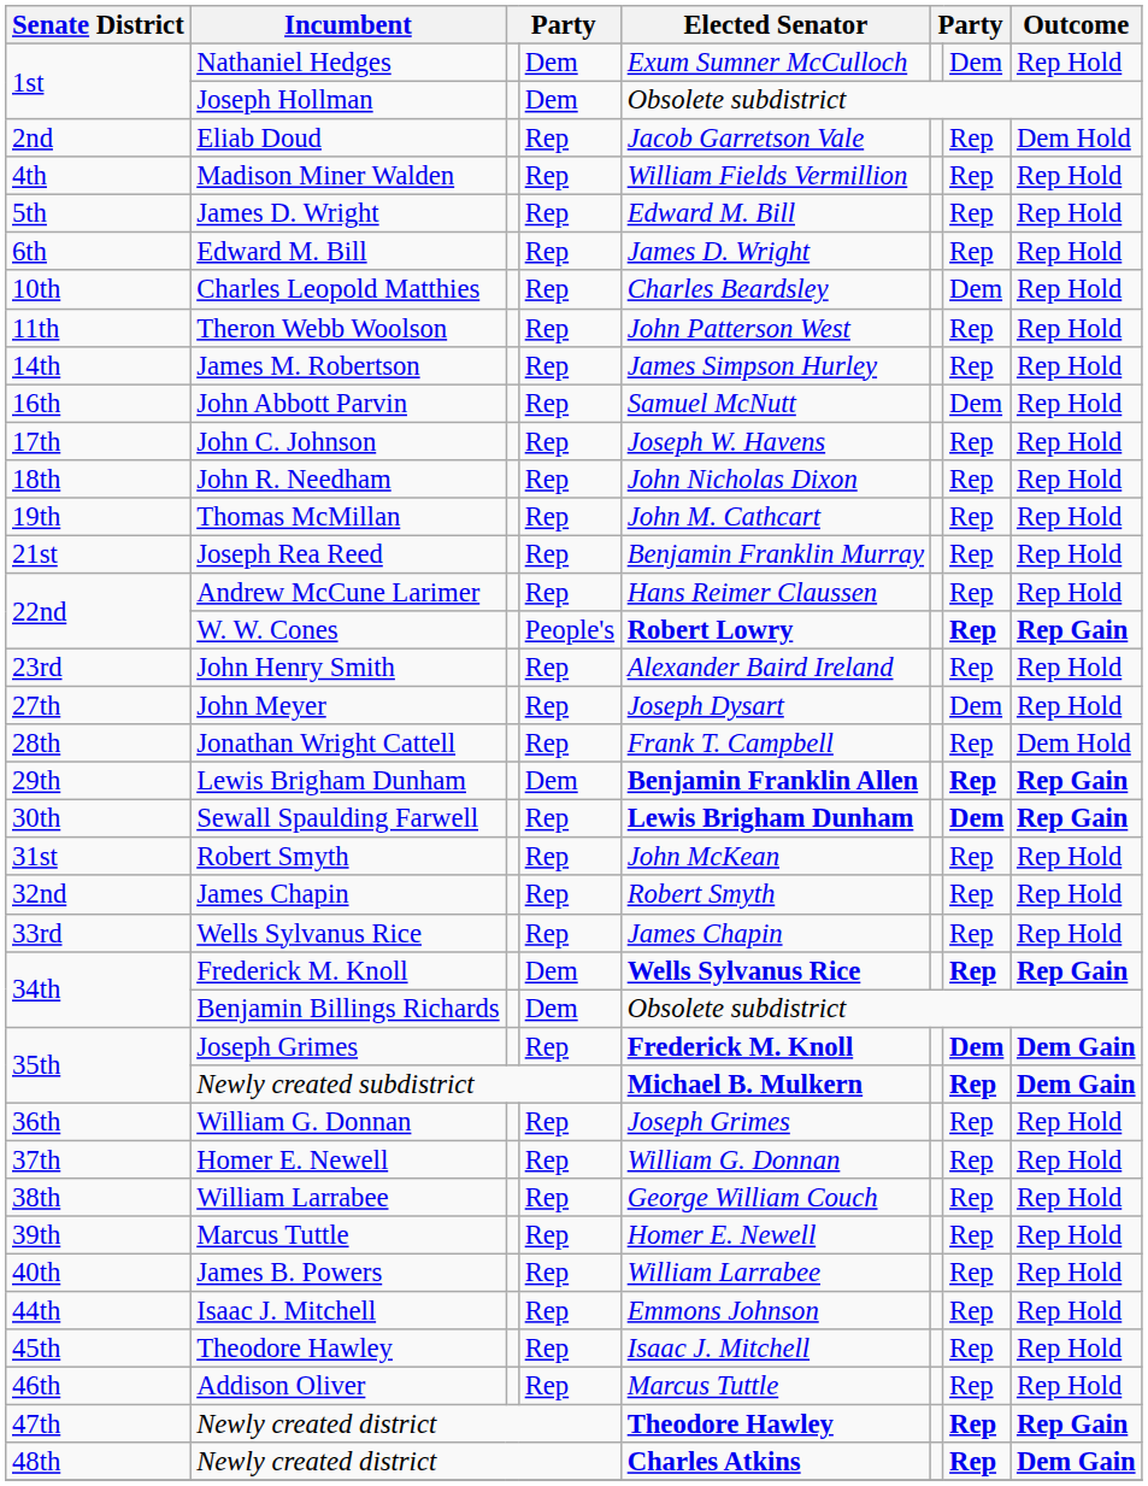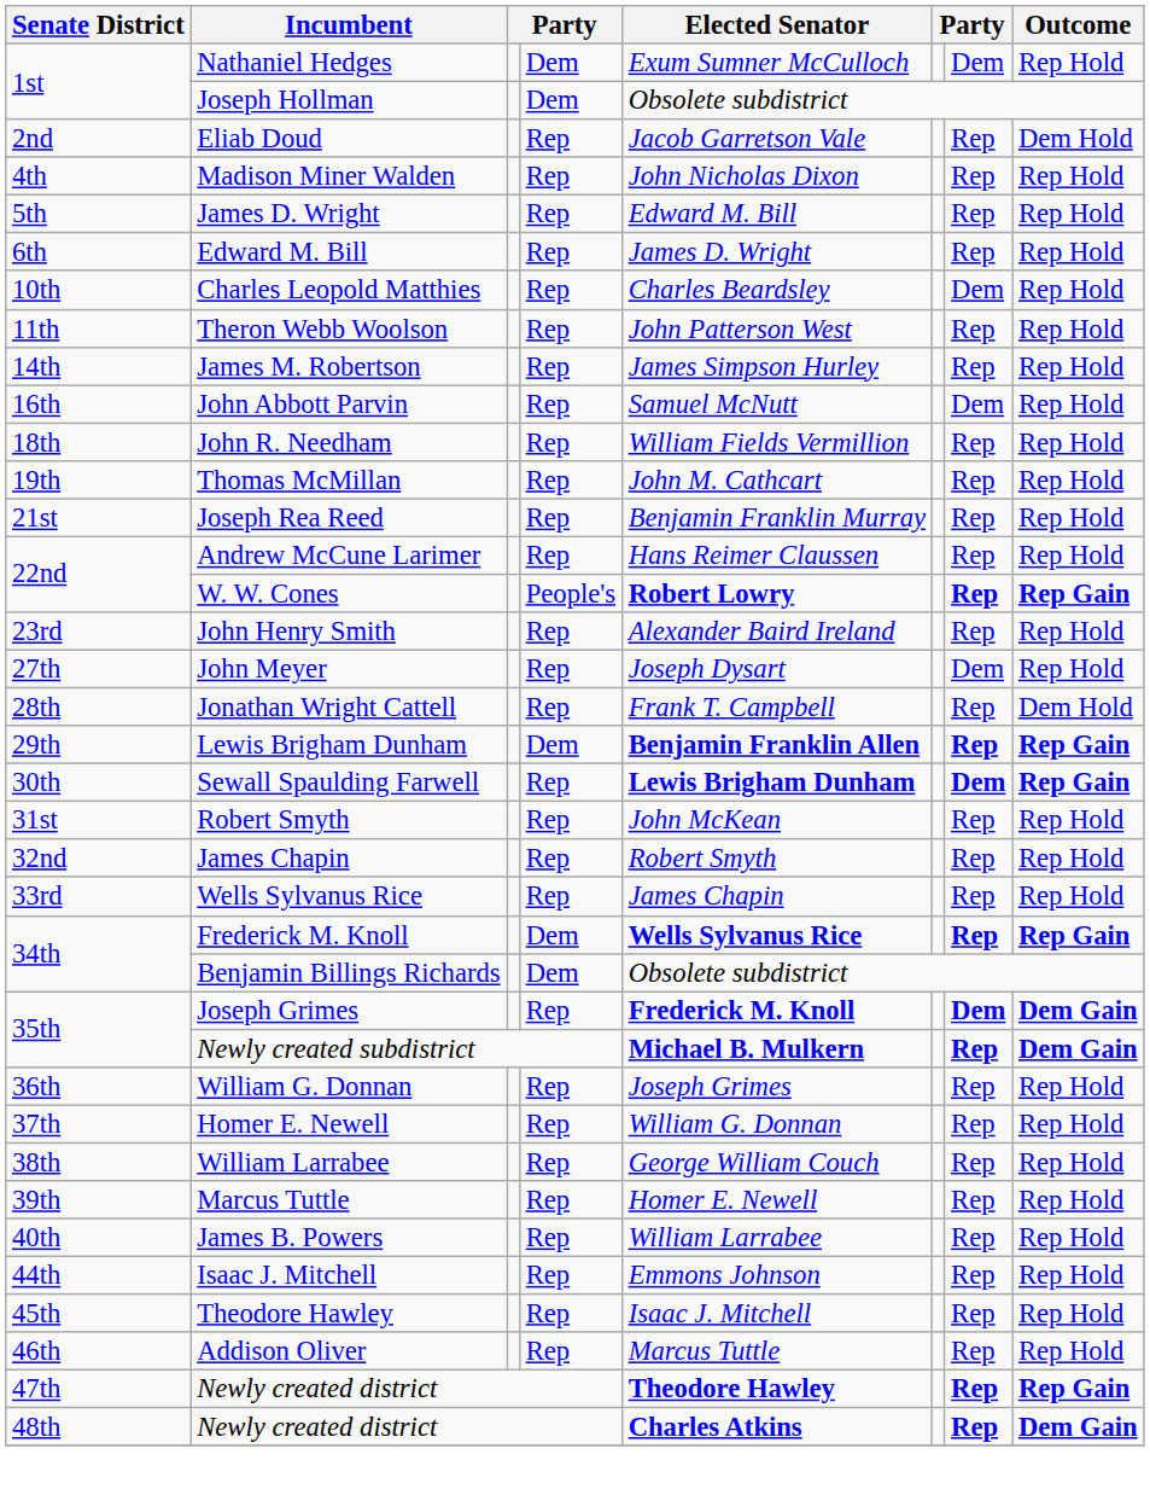 <table class="sortable wikitable" style="font-size:95%;line-height:14px;">
 <tr>
 <th class="sortable"><a href='#'>Senate</a> District</th>
 <th class="sortable"><a href='#'>Incumbent</a></th>
 <th colspan="2">Party</th>
 <th class="sortable">Elected Senator</th>
 <th colspan="2">Party</th>
 <th class="sortable">Outcome</th>
 </tr>
 <tr>
 <td rowspan="2"><a href='#'>1st</a></td>
 <td><a href='#'>Nathaniel Hedges</a></td>
 <td style="background:"></td>
 <td><a href='#'>Dem</a></td>
 <td><em><a href='#'>Exum Sumner McCulloch</a></em></td>
 <td style="background:"></td>
 <td><a href='#'>Dem</a></td>
 <td><a href='#'>Rep Hold</a></td>
 </tr>
 <tr>
 <td><a href='#'>Joseph Hollman</a></td>
 <td style="background:"></td>
 <td><a href='#'>Dem</a></td>
 <td colspan="4" ><em>Obsolete subdistrict</em></td>
 </tr>
 <tr>
 <td><a href='#'>2nd</a></td>
 <td><a href='#'>Eliab Doud</a></td>
 <td style="background:"></td>
 <td><a href='#'>Rep</a></td>
 <td><em><a href='#'>Jacob Garretson Vale</a></em></td>
 <td style="background:"></td>
 <td><a href='#'>Rep</a></td>
 <td><a href='#'>Dem Hold</a></td>
 </tr>
 <tr>
 <td><a href='#'>4th</a></td>
 <td><a href='#'>Madison Miner Walden</a></td>
 <td style="background:"></td>
 <td><a href='#'>Rep</a></td>
-<td><em><a href='#'>William Fields Vermillion</a></em></td>
+<td><em><a href='#'>John Nicholas Dixon</a></em></td>
 <td style="background:"></td>
 <td><a href='#'>Rep</a></td>
 <td><a href='#'>Rep Hold</a></td>
 </tr>
 <tr>
 <td><a href='#'>5th</a></td>
 <td><a href='#'>James D. Wright</a></td>
 <td style="background:"></td>
 <td><a href='#'>Rep</a></td>
 <td><em><a href='#'>Edward M. Bill</a></em></td>
 <td style="background:"></td>
 <td><a href='#'>Rep</a></td>
 <td><a href='#'>Rep Hold</a></td>
 </tr>
 <tr>
 <td><a href='#'>6th</a></td>
 <td><a href='#'>Edward M. Bill</a></td>
 <td style="background:"></td>
 <td><a href='#'>Rep</a></td>
 <td><em><a href='#'>James D. Wright</a></em></td>
 <td style="background:"></td>
 <td><a href='#'>Rep</a></td>
 <td><a href='#'>Rep Hold</a></td>
 </tr>
 <tr>
 <td><a href='#'>10th</a></td>
 <td><a href='#'>Charles Leopold Matthies</a></td>
 <td style="background:"></td>
 <td><a href='#'>Rep</a></td>
 <td><em><a href='#'>Charles Beardsley</a></em></td>
 <td style="background:"></td>
 <td><a href='#'>Dem</a></td>
 <td><a href='#'>Rep Hold</a></td>
 </tr>
 <tr>
 <td><a href='#'>11th</a></td>
 <td><a href='#'>Theron Webb Woolson</a></td>
 <td style="background:"></td>
 <td><a href='#'>Rep</a></td>
 <td><em><a href='#'>John Patterson West</a></em></td>
 <td style="background:"></td>
 <td><a href='#'>Rep</a></td>
 <td><a href='#'>Rep Hold</a></td>
 </tr>
 <tr>
 <td><a href='#'>14th</a></td>
 <td><a href='#'>James M. Robertson</a></td>
 <td style="background:"></td>
 <td><a href='#'>Rep</a></td>
 <td><em><a href='#'>James Simpson Hurley</a></em></td>
 <td style="background:"></td>
 <td><a href='#'>Rep</a></td>
 <td><a href='#'>Rep Hold</a></td>
 </tr>
 <tr>
 <td><a href='#'>16th</a></td>
 <td><a href='#'>John Abbott Parvin</a></td>
 <td style="background:"></td>
 <td><a href='#'>Rep</a></td>
 <td><em><a href='#'>Samuel McNutt</a></em></td>
 <td style="background:"></td>
 <td><a href='#'>Dem</a></td>
 <td><a href='#'>Rep Hold</a></td>
 </tr>
 <tr>
-<td><a href='#'>17th</a></td>
-<td><a href='#'>John C. Johnson</a></td>
-<td style="background:"></td>
-<td><a href='#'>Rep</a></td>
-<td><em><a href='#'>Joseph W. Havens</a></em></td>
-<td style="background:"></td>
-<td><a href='#'>Rep</a></td>
-<td><a href='#'>Rep Hold</a></td>
-</tr>
-<tr>
 <td><a href='#'>18th</a></td>
 <td><a href='#'>John R. Needham</a></td>
 <td style="background:"></td>
 <td><a href='#'>Rep</a></td>
-<td><em><a href='#'>John Nicholas Dixon</a></em></td>
+<td><em><a href='#'>William Fields Vermillion</a></em></td>
 <td style="background:"></td>
 <td><a href='#'>Rep</a></td>
 <td><a href='#'>Rep Hold</a></td>
 </tr>
 <tr>
 <td><a href='#'>19th</a></td>
 <td><a href='#'>Thomas McMillan</a></td>
 <td style="background:"></td>
 <td><a href='#'>Rep</a></td>
 <td><em><a href='#'>John M. Cathcart</a></em></td>
 <td style="background:"></td>
 <td><a href='#'>Rep</a></td>
 <td><a href='#'>Rep Hold</a></td>
 </tr>
 <tr>
 <td><a href='#'>21st</a></td>
 <td><a href='#'>Joseph Rea Reed</a></td>
 <td style="background:"></td>
 <td><a href='#'>Rep</a></td>
 <td><em><a href='#'>Benjamin Franklin Murray</a></em></td>
 <td style="background:"></td>
 <td><a href='#'>Rep</a></td>
 <td><a href='#'>Rep Hold</a></td>
 </tr>
 <tr>
 <td rowspan="2"><a href='#'>22nd</a></td>
 <td><a href='#'>Andrew McCune Larimer</a></td>
 <td style="background:"></td>
 <td><a href='#'>Rep</a></td>
 <td><em><a href='#'>Hans Reimer Claussen</a></em></td>
 <td style="background:"></td>
 <td><a href='#'>Rep</a></td>
 <td><a href='#'>Rep Hold</a></td>
 </tr>
 <tr>
 <td><a href='#'>W. W. Cones</a></td>
 <td style="background:"></td>
 <td><a href='#'>People's</a></td>
 <td><strong><a href='#'>Robert Lowry</a></strong></td>
 <td style="background:"></td>
 <td><strong><a href='#'>Rep</a></strong></td>
 <td><strong><a href='#'>Rep Gain</a></strong></td>
 </tr>
 <tr>
 <td><a href='#'>23rd</a></td>
 <td><a href='#'>John Henry Smith</a></td>
 <td style="background:"></td>
 <td><a href='#'>Rep</a></td>
 <td><em><a href='#'>Alexander Baird Ireland</a></em></td>
 <td style="background:"></td>
 <td><a href='#'>Rep</a></td>
 <td><a href='#'>Rep Hold</a></td>
 </tr>
 <tr>
 <td><a href='#'>27th</a></td>
 <td><a href='#'>John Meyer</a></td>
 <td style="background:"></td>
 <td><a href='#'>Rep</a></td>
 <td><em><a href='#'>Joseph Dysart</a></em></td>
 <td style="background:"></td>
 <td><a href='#'>Dem</a></td>
 <td><a href='#'>Rep Hold</a></td>
 </tr>
 <tr>
 <td><a href='#'>28th</a></td>
 <td><a href='#'>Jonathan Wright Cattell</a></td>
 <td style="background:"></td>
 <td><a href='#'>Rep</a></td>
 <td><em><a href='#'>Frank T. Campbell</a></em></td>
 <td style="background:"></td>
 <td><a href='#'>Rep</a></td>
 <td><a href='#'>Dem Hold</a></td>
 </tr>
 <tr>
 <td><a href='#'>29th</a></td>
 <td><a href='#'>Lewis Brigham Dunham</a></td>
 <td style="background:"></td>
 <td><a href='#'>Dem</a></td>
 <td><strong><a href='#'>Benjamin Franklin Allen</a></strong></td>
 <td style="background:"></td>
 <td><strong><a href='#'>Rep</a></strong></td>
 <td><strong><a href='#'>Rep Gain</a></strong></td>
 </tr>
 <tr>
 <td><a href='#'>30th</a></td>
 <td><a href='#'>Sewall Spaulding Farwell</a></td>
 <td style="background:"></td>
 <td><a href='#'>Rep</a></td>
 <td><strong><a href='#'>Lewis Brigham Dunham</a></strong></td>
 <td style="background:"></td>
 <td><strong><a href='#'>Dem</a></strong></td>
 <td><strong><a href='#'>Rep Gain</a></strong></td>
 </tr>
 <tr>
 <td><a href='#'>31st</a></td>
 <td><a href='#'>Robert Smyth</a></td>
 <td style="background:"></td>
 <td><a href='#'>Rep</a></td>
 <td><em><a href='#'>John McKean</a></em></td>
 <td style="background:"></td>
 <td><a href='#'>Rep</a></td>
 <td><a href='#'>Rep Hold</a></td>
 </tr>
 <tr>
 <td><a href='#'>32nd</a></td>
 <td><a href='#'>James Chapin</a></td>
 <td style="background:"></td>
 <td><a href='#'>Rep</a></td>
 <td><em><a href='#'>Robert Smyth</a></em></td>
 <td style="background:"></td>
 <td><a href='#'>Rep</a></td>
 <td><a href='#'>Rep Hold</a></td>
 </tr>
 <tr>
 <td><a href='#'>33rd</a></td>
 <td><a href='#'>Wells Sylvanus Rice</a></td>
 <td style="background:"></td>
 <td><a href='#'>Rep</a></td>
 <td><em><a href='#'>James Chapin</a></em></td>
 <td style="background:"></td>
 <td><a href='#'>Rep</a></td>
 <td><a href='#'>Rep Hold</a></td>
 </tr>
 <tr>
 <td rowspan="2"><a href='#'>34th</a></td>
 <td><a href='#'>Frederick M. Knoll</a></td>
 <td style="background:"></td>
 <td><a href='#'>Dem</a></td>
 <td><strong><a href='#'>Wells Sylvanus Rice</a></strong></td>
 <td style="background:"></td>
 <td><strong><a href='#'>Rep</a></strong></td>
 <td><strong><a href='#'>Rep Gain</a></strong></td>
 </tr>
 <tr>
 <td><a href='#'>Benjamin Billings Richards</a></td>
 <td style="background:"></td>
 <td><a href='#'>Dem</a></td>
 <td colspan="4" ><em>Obsolete subdistrict</em></td>
 </tr>
 <tr>
 <td rowspan="2"><a href='#'>35th</a></td>
 <td><a href='#'>Joseph Grimes</a></td>
 <td style="background:"></td>
 <td><a href='#'>Rep</a></td>
 <td><strong><a href='#'>Frederick M. Knoll</a></strong></td>
 <td style="background:"></td>
 <td><strong><a href='#'>Dem</a></strong></td>
 <td><strong><a href='#'>Dem Gain</a></strong></td>
 </tr>
 <tr>
 <td colspan="3" ><em>Newly created subdistrict</em></td>
 <td><strong><a href='#'>Michael B. Mulkern</a></strong></td>
 <td style="background:"></td>
 <td><strong><a href='#'>Rep</a></strong></td>
 <td><strong><a href='#'>Dem Gain</a></strong></td>
 </tr>
 <tr>
 <td><a href='#'>36th</a></td>
 <td><a href='#'>William G. Donnan</a></td>
 <td style="background:"></td>
 <td><a href='#'>Rep</a></td>
 <td><em><a href='#'>Joseph Grimes</a></em></td>
 <td style="background:"></td>
 <td><a href='#'>Rep</a></td>
 <td><a href='#'>Rep Hold</a></td>
 </tr>
 <tr>
 <td><a href='#'>37th</a></td>
 <td><a href='#'>Homer E. Newell</a></td>
 <td style="background:"></td>
 <td><a href='#'>Rep</a></td>
 <td><em><a href='#'>William G. Donnan</a></em></td>
 <td style="background:"></td>
 <td><a href='#'>Rep</a></td>
 <td><a href='#'>Rep Hold</a></td>
 </tr>
 <tr>
 <td><a href='#'>38th</a></td>
 <td><a href='#'>William Larrabee</a></td>
 <td style="background:"></td>
 <td><a href='#'>Rep</a></td>
 <td><em><a href='#'>George William Couch</a></em></td>
 <td style="background:"></td>
 <td><a href='#'>Rep</a></td>
 <td><a href='#'>Rep Hold</a></td>
 </tr>
 <tr>
 <td><a href='#'>39th</a></td>
 <td><a href='#'>Marcus Tuttle</a></td>
 <td style="background:"></td>
 <td><a href='#'>Rep</a></td>
 <td><em><a href='#'>Homer E. Newell</a></em></td>
 <td style="background:"></td>
 <td><a href='#'>Rep</a></td>
 <td><a href='#'>Rep Hold</a></td>
 </tr>
 <tr>
 <td><a href='#'>40th</a></td>
 <td><a href='#'>James B. Powers</a></td>
 <td style="background:"></td>
 <td><a href='#'>Rep</a></td>
 <td><em><a href='#'>William Larrabee</a></em></td>
 <td style="background:"></td>
 <td><a href='#'>Rep</a></td>
 <td><a href='#'>Rep Hold</a></td>
 </tr>
 <tr>
 <td><a href='#'>44th</a></td>
 <td><a href='#'>Isaac J. Mitchell</a></td>
 <td style="background:"></td>
 <td><a href='#'>Rep</a></td>
 <td><em><a href='#'>Emmons Johnson</a></em></td>
 <td style="background:"></td>
 <td><a href='#'>Rep</a></td>
 <td><a href='#'>Rep Hold</a></td>
 </tr>
 <tr>
 <td><a href='#'>45th</a></td>
 <td><a href='#'>Theodore Hawley</a></td>
 <td style="background:"></td>
 <td><a href='#'>Rep</a></td>
 <td><em><a href='#'>Isaac J. Mitchell</a></em></td>
 <td style="background:"></td>
 <td><a href='#'>Rep</a></td>
 <td><a href='#'>Rep Hold</a></td>
 </tr>
 <tr>
 <td><a href='#'>46th</a></td>
 <td><a href='#'>Addison Oliver</a></td>
 <td style="background:"></td>
 <td><a href='#'>Rep</a></td>
 <td><em><a href='#'>Marcus Tuttle</a></em></td>
 <td style="background:"></td>
 <td><a href='#'>Rep</a></td>
 <td><a href='#'>Rep Hold</a></td>
 </tr>
 <tr>
 <td><a href='#'>47th</a></td>
 <td colspan="3" ><em>Newly created district</em></td>
 <td><strong><a href='#'>Theodore Hawley</a></strong></td>
 <td style="background:"></td>
 <td><strong><a href='#'>Rep</a></strong></td>
 <td><strong><a href='#'>Rep Gain</a></strong></td>
 </tr>
 <tr>
 <td><a href='#'>48th</a></td>
 <td colspan="3" ><em>Newly created district</em></td>
 <td><strong><a href='#'>Charles Atkins</a></strong></td>
 <td style="background:"></td>
 <td><strong><a href='#'>Rep</a></strong></td>
 <td><strong><a href='#'>Dem Gain</a></strong></td>
 </tr>
 <tr>
 </tr>
 </table>
